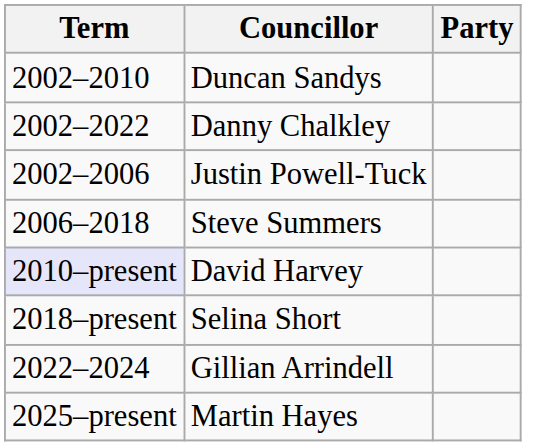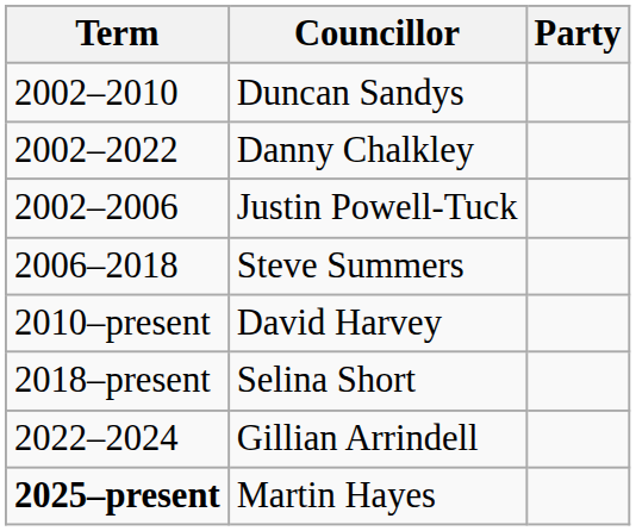 <table class="wikitable">
 <tr>
 <th>Term</th>
 <th>Councillor</th>
 <th colspan=2>Party</th>
 </tr>
 <tr>
 <td>2002–2010</td>
 <td>Duncan Sandys</td>
 <td></td>
 </tr>
 <tr>
 <td>2002–2022</td>
 <td>Danny Chalkley</td>
 <td></td>
 </tr>
 <tr>
 <td>2002–2006</td>
 <td>Justin Powell-Tuck</td>
 <td></td>
 </tr>
 <tr>
 <td>2006–2018</td>
 <td>Steve Summers</td>
 <td></td>
 </tr>
 <tr>
-<td style="background: lavender;">2010–present</td>
+<td>2010–present</td>
 <td>David Harvey</td>
 <td></td>
 </tr>
 <tr>
 <td>2018–present</td>
 <td>Selina Short</td>
 <td></td>
 </tr>
 <tr>
 <td>2022–2024</td>
 <td>Gillian Arrindell</td>
 <td></td>
 </tr>
 <tr>
-<td>2025–present</td>
+<td><strong>2025–present</strong></td>
 <td>Martin Hayes</td>
 <td></td>
 </tr>
 </table>
